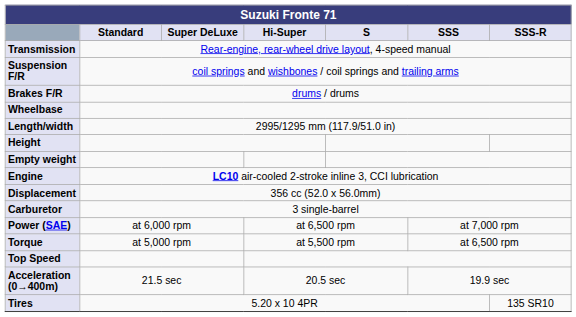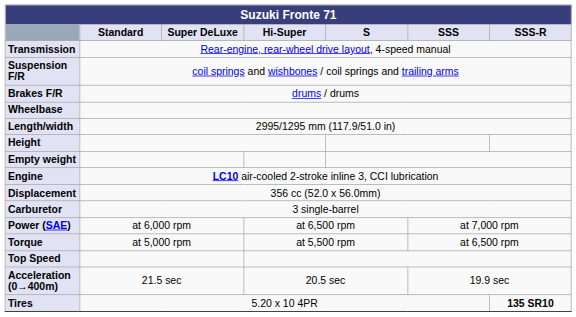 <table class="wikitable collapsible collapsed" rules="all" style="float: right; border:solid 1px #1C1C1C; font-size:85%; empty-cells:show;">
 <tr>
 <th colspan = 7 width=250 style="background-color:#383d7c;color:white;font-size:115%">Suzuki Fronte 71</th>
 </tr>
 <tr>
 <td style="background-color:#99a9ba;"></td>
 <th width=100 style="background-color:#e1e2f3"><strong>Standard</strong></th>
 <th width=100 style="background-color:#e1e2f3"><strong>Super DeLuxe</strong></th>
 <th width=100 style="background-color:#e1e2f3"><strong>Hi-Super</strong></th>
 <th width=100 style="background-color:#e1e2f3"><strong>S</strong></th>
 <th width=100 style="background-color:#e1e2f3"><strong>SSS</strong></th>
 <th width=100 style="background-color:#e1e2f3"><strong>SSS-R</strong></th>
 </tr>
 <tr>
 <td width=90 style="background-color:#e1e2f3;"><strong>Transmission</strong></td>
 <td colspan = 6 align="center"><a href='#'>Rear-engine, rear-wheel drive layout</a>, 4-speed manual</td>
 </tr>
 <tr>
 <td style="background-color:#e1e2f3;"><strong>Suspension F/R</strong></td>
 <td colspan = 6 align="center"><a href='#'>coil springs</a> and <a href='#'>wishbones</a> / coil springs and <a href='#'>trailing arms</a></td>
 </tr>
 <tr>
 <td style="background-color:#e1e2f3;"><strong>Brakes F/R</strong></td>
 <td colspan = 6 align="center"><a href='#'>drums</a> / drums</td>
 </tr>
 <tr>
 <td style="background-color:#e1e2f3;"><strong>Wheelbase</strong></td>
 <td colspan = 6 align="center"></td>
 </tr>
 <tr>
 <td style="background-color:#e1e2f3;"><strong>Length/width</strong></td>
 <td colspan = 6 align="center">2995/1295 mm (117.9/51.0 in)</td>
 </tr>
 <tr>
 <td style="background-color:#e1e2f3;"><strong>Height</strong></td>
 <td colspan = 3 align="center"></td>
 <td colspan = 2 align="center"></td>
 <td align="center"></td>
 </tr>
 <tr>
 <td style="background-color:#e1e2f3;"><strong>Empty weight</strong></td>
 <td colspan = 2 align="center"></td>
 <td align="center"></td>
 <td colspan = 3 align="center"></td>
 </tr>
 <tr>
 <td style="background-color:#e1e2f3;"><strong>Engine</strong></td>
 <td colspan = 6 align="center"><strong><a href='#'>LC10</a></strong> air-cooled 2-stroke inline 3, CCI lubrication</td>
 </tr>
 <tr>
 <td style="background-color:#e1e2f3;"><strong>Displacement</strong></td>
 <td colspan = 6 align="center">356 cc (52.0 x 56.0mm)</td>
 </tr>
 <tr>
 <td style="background-color:#e1e2f3;"><strong>Carburetor</strong></td>
 <td colspan = 6 align="center">3 single-barrel</td>
 </tr>
 <tr>
 <td style="background-color:#e1e2f3;"><strong>Power (<a href='#'>SAE</a>)</strong></td>
 <td colspan = 2 align="center"> at 6,000 rpm</td>
 <td colspan = 2 align="center"> at 6,500 rpm</td>
 <td colspan = 2 align="center"> at 7,000 rpm</td>
 </tr>
 <tr>
 <td style="background-color:#e1e2f3;"><strong>Torque</strong></td>
 <td colspan = 2 align="center"> at 5,000 rpm</td>
 <td colspan = 2 align="center"> at 5,500 rpm</td>
 <td colspan = 2 align="center"> at 6,500 rpm</td>
 </tr>
 <tr>
 <td style="background-color:#e1e2f3;"><strong>Top Speed</strong></td>
 <td colspan = 2 align="center"></td>
 <td colspan = 4 align="center"></td>
 </tr>
 <tr>
 <td style="background-color:#e1e2f3;"><strong>Acceleration (0→400m)</strong></td>
 <td colspan = 2 align="center">21.5 sec</td>
 <td colspan = 2 align="center">20.5 sec</td>
 <td colspan = 2 align="center">19.9 sec</td>
 </tr>
 <tr>
 <td style="background-color:#e1e2f3;"><strong>Tires</strong></td>
 <td colspan = 5 align="center">5.20 x 10 4PR</td>
-<td align="center">135 SR10</td>
+<td align="center"><strong>135 SR10</strong></td>
 </tr>
 <tr>
 </tr>
 </table>
